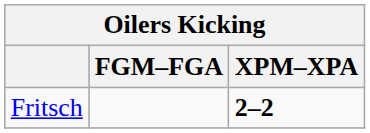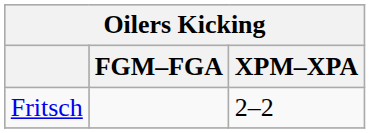 <table class="wikitable">
 <tr>
 <th colspan="3">Oilers Kicking</th>
 </tr>
 <tr>
 <th></th>
 <th>FGM–FGA</th>
 <th>XPM–XPA</th>
 </tr>
 <tr>
 <td><a href='#'>Fritsch</a></td>
 <td></td>
-<td><strong>2–2</strong></td>
+<td>2–2</td>
 </tr>
 </table>
